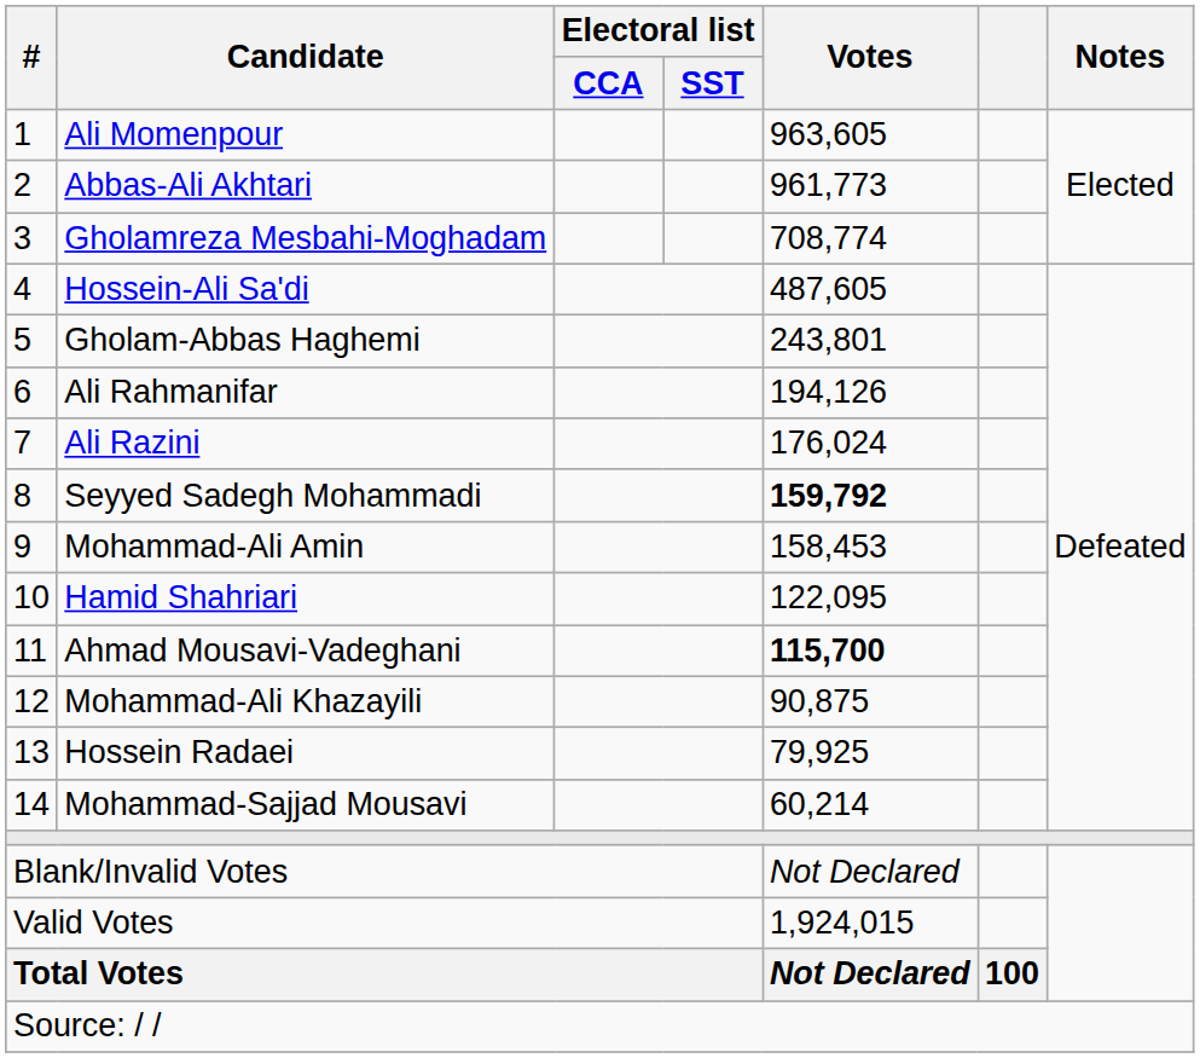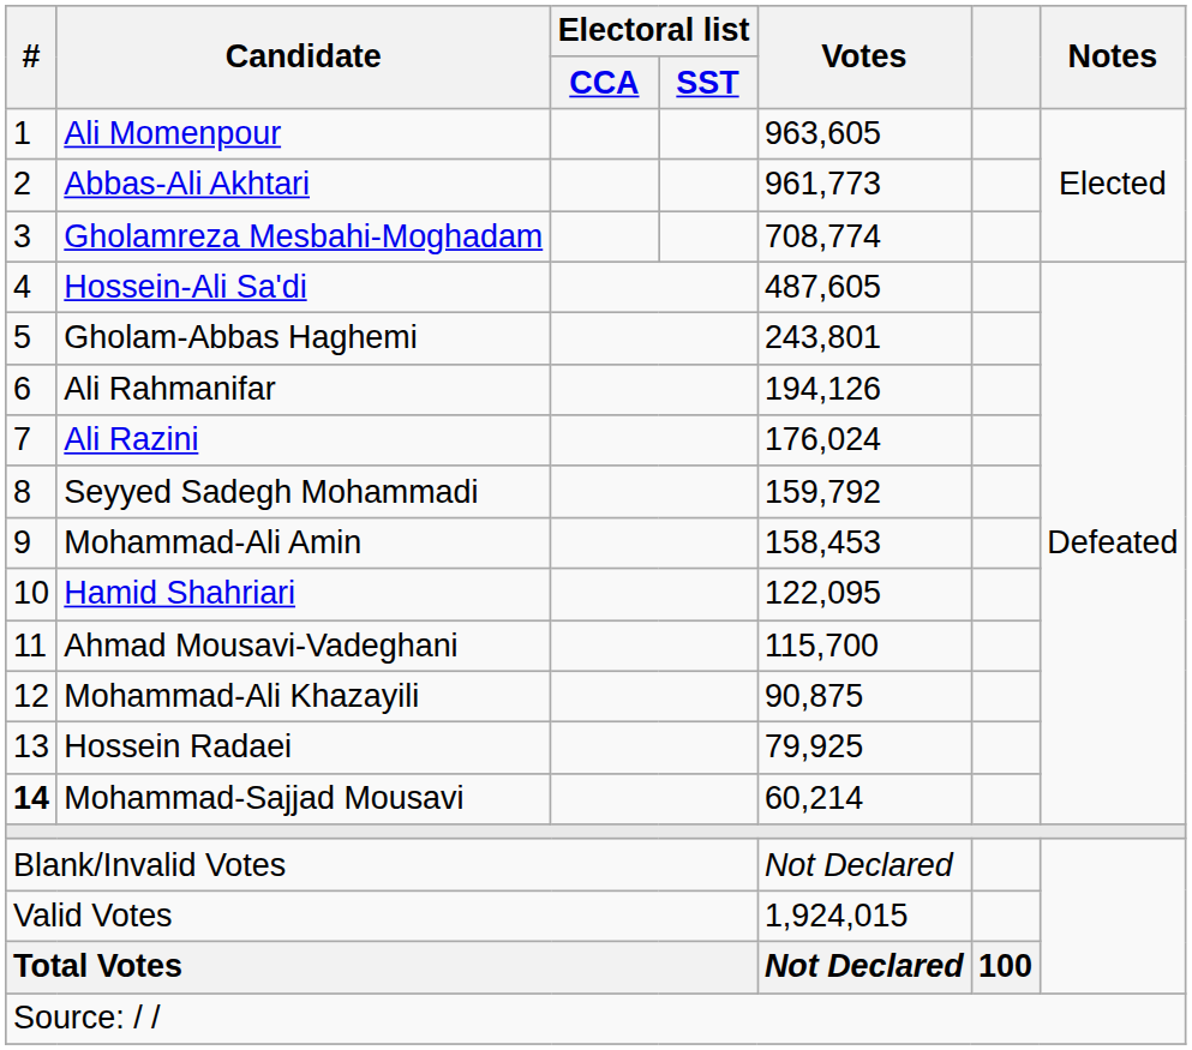 <table class=wikitable style=text-align:left>
 <tr>
 <th rowspan="2">#</th>
 <th rowspan="2">Candidate</th>
 <th colspan="2">Electoral list</th>
 <th rowspan="2">Votes</th>
 <th rowspan="2"></th>
 <th rowspan="2">Notes</th>
 </tr>
 <tr>
 <th><a href='#'>CCA</a></th>
 <th><a href='#'>SST</a></th>
 </tr>
 <tr>
 <td>1</td>
 <td><a href='#'>Ali Momenpour</a></td>
 <td style="text-align:center;"></td>
 <td style="text-align:center;"></td>
 <td>963,605</td>
 <td></td>
 <td style="text-align:center;" rowspan="3">Elected</td>
 </tr>
 <tr>
 <td>2</td>
 <td><a href='#'>Abbas-Ali Akhtari</a></td>
 <td style="text-align:center;"></td>
 <td style="text-align:center;"></td>
 <td>961,773</td>
 <td></td>
 </tr>
 <tr>
 <td>3</td>
 <td><a href='#'>Gholamreza Mesbahi-Moghadam</a></td>
 <td style="text-align:center;"></td>
 <td style="text-align:center;"></td>
 <td>708,774</td>
 <td></td>
 </tr>
 <tr>
 <td>4</td>
 <td><a href='#'>Hossein-Ali Sa'di</a></td>
 <td colspan=2></td>
 <td>487,605</td>
 <td></td>
 <td style="text-align:center;" rowspan="11">Defeated</td>
 </tr>
 <tr>
 <td>5</td>
 <td>Gholam-Abbas Haghemi</td>
 <td colspan=2></td>
 <td>243,801</td>
 <td></td>
 </tr>
 <tr>
 <td>6</td>
 <td>Ali Rahmanifar</td>
 <td colspan=2></td>
 <td>194,126</td>
 <td></td>
 </tr>
 <tr>
 <td>7</td>
 <td><a href='#'>Ali Razini</a></td>
 <td colspan=2></td>
 <td>176,024</td>
 <td></td>
 </tr>
 <tr>
 <td>8</td>
 <td>Seyyed Sadegh Mohammadi</td>
 <td colspan=2></td>
-<td><strong>159,792</strong></td>
+<td>159,792</td>
 <td></td>
 </tr>
 <tr>
 <td>9</td>
 <td>Mohammad-Ali Amin</td>
 <td colspan=2></td>
 <td>158,453</td>
 <td></td>
 </tr>
 <tr>
 <td>10</td>
 <td><a href='#'>Hamid Shahriari</a></td>
 <td colspan=2></td>
 <td>122,095</td>
 <td></td>
 </tr>
 <tr>
 <td>11</td>
 <td>Ahmad Mousavi-Vadeghani</td>
 <td colspan=2></td>
-<td><strong>115,700</strong></td>
+<td>115,700</td>
 <td></td>
 </tr>
 <tr>
 <td>12</td>
 <td>Mohammad-Ali Khazayili</td>
 <td colspan=2></td>
 <td>90,875</td>
 <td></td>
 </tr>
 <tr>
 <td>13</td>
 <td>Hossein Radaei</td>
 <td colspan=2></td>
 <td>79,925</td>
 <td></td>
 </tr>
 <tr>
-<td>14</td>
+<td><strong>14</strong></td>
 <td>Mohammad-Sajjad Mousavi</td>
 <td colspan=2></td>
 <td>60,214</td>
 <td></td>
 </tr>
 <tr>
 <td colspan="9" style="background:#E9E9E9;"></td>
 </tr>
 <tr>
 <td colspan="4">Blank/Invalid Votes</td>
 <td><em>Not Declared</em></td>
 <td></td>
 </tr>
 <tr>
 <td colspan="4">Valid Votes</td>
 <td>1,924,015</td>
 <td></td>
 </tr>
 <tr>
 <th style="text-align:left;" colspan="4">Total Votes</th>
 <th><em>Not Declared</em></th>
 <th>100</th>
 </tr>
 <tr>
 <td colspan="9" style="text-align:left;">Source:  /  / </td>
 </tr>
 </table>
